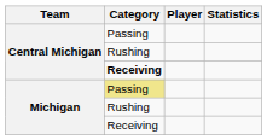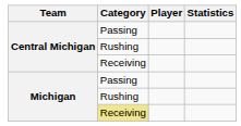 <table class="wikitable" style="float:right">
 <tr>
 <th>Team</th>
 <th>Category</th>
 <th>Player</th>
 <th>Statistics</th>
 </tr>
 <tr>
 <th rowspan=3>Central Michigan</th>
 <td>Passing</td>
 <td></td>
 <td></td>
 </tr>
 <tr>
 <td>Rushing</td>
 <td></td>
 <td></td>
 </tr>
 <tr>
-<td><strong>Receiving</strong></td>
+<td>Receiving</td>
 <td></td>
 <td></td>
 </tr>
 <tr>
 <th rowspan=3>Michigan</th>
-<td style="background: khaki;">Passing</td>
+<td>Passing</td>
 <td></td>
 <td></td>
 </tr>
 <tr>
 <td>Rushing</td>
 <td></td>
 <td></td>
 </tr>
 <tr>
-<td>Receiving</td>
+<td style="background: khaki;">Receiving</td>
 <td></td>
 <td></td>
 </tr>
 </table>
